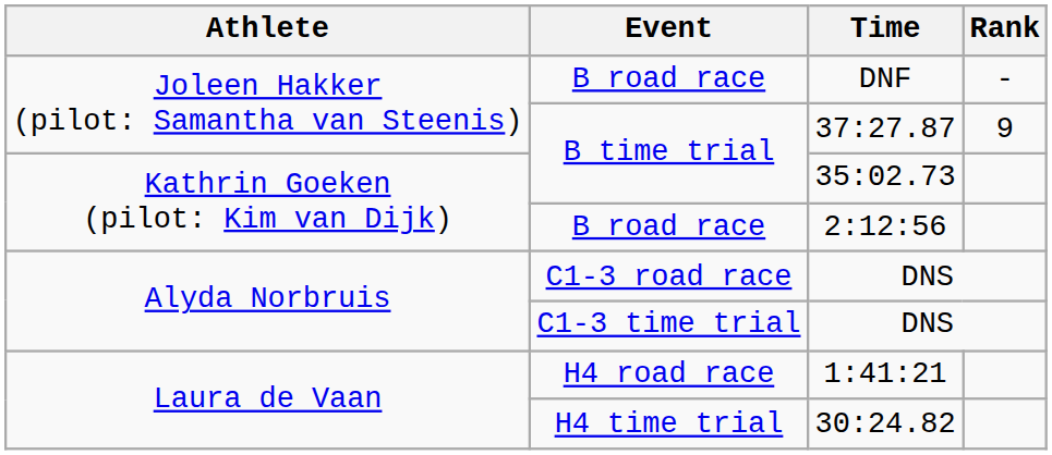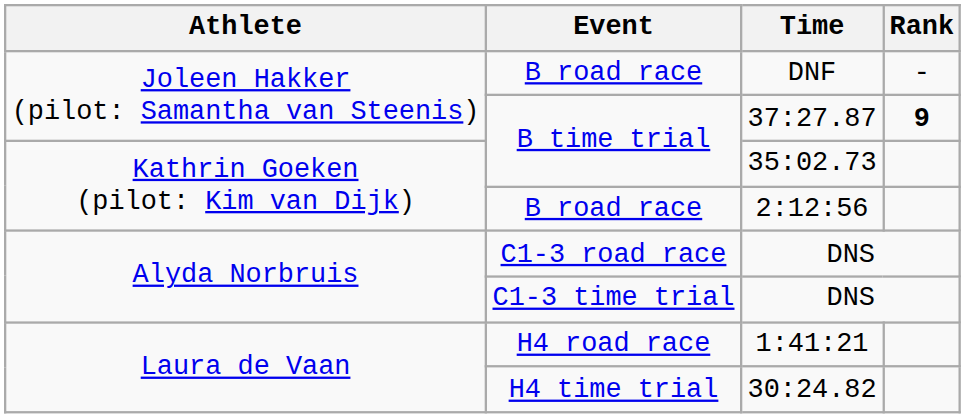 <table class="wikitable" border="1" style="font-size:90%;text-align:center">
 <tr>
 <th>Athlete</th>
 <th>Event</th>
 <th>Time</th>
 <th>Rank</th>
 </tr>
 <tr>
 <td rowspan=2><a href='#'>Joleen Hakker</a><br>(pilot: <a href='#'>Samantha van Steenis</a>)</td>
 <td><a href='#'>B road race</a></td>
 <td>DNF</td>
 <td>-</td>
 </tr>
 <tr>
 <td rowspan=2><a href='#'>B time trial</a></td>
 <td>37:27.87</td>
-<td>9</td>
+<td><strong>9</strong></td>
 </tr>
 <tr>
 <td rowspan=2><a href='#'>Kathrin Goeken</a><br>(pilot: <a href='#'>Kim van Dijk</a>)</td>
 <td>35:02.73</td>
 <td></td>
 </tr>
 <tr>
 <td><a href='#'>B road race</a></td>
 <td>2:12:56</td>
 <td></td>
 </tr>
 <tr>
 <td rowspan=2><a href='#'>Alyda Norbruis</a></td>
 <td><a href='#'>C1-3 road race</a></td>
 <td colspan=2>DNS</td>
 </tr>
 <tr>
 <td><a href='#'>C1-3 time trial</a></td>
 <td colspan=2>DNS</td>
 </tr>
 <tr>
 <td rowspan=2><a href='#'>Laura de Vaan</a></td>
 <td><a href='#'>H4 road race</a></td>
 <td>1:41:21</td>
 <td></td>
 </tr>
 <tr>
 <td><a href='#'>H4 time trial</a></td>
 <td>30:24.82</td>
 <td></td>
 </tr>
 </table>
